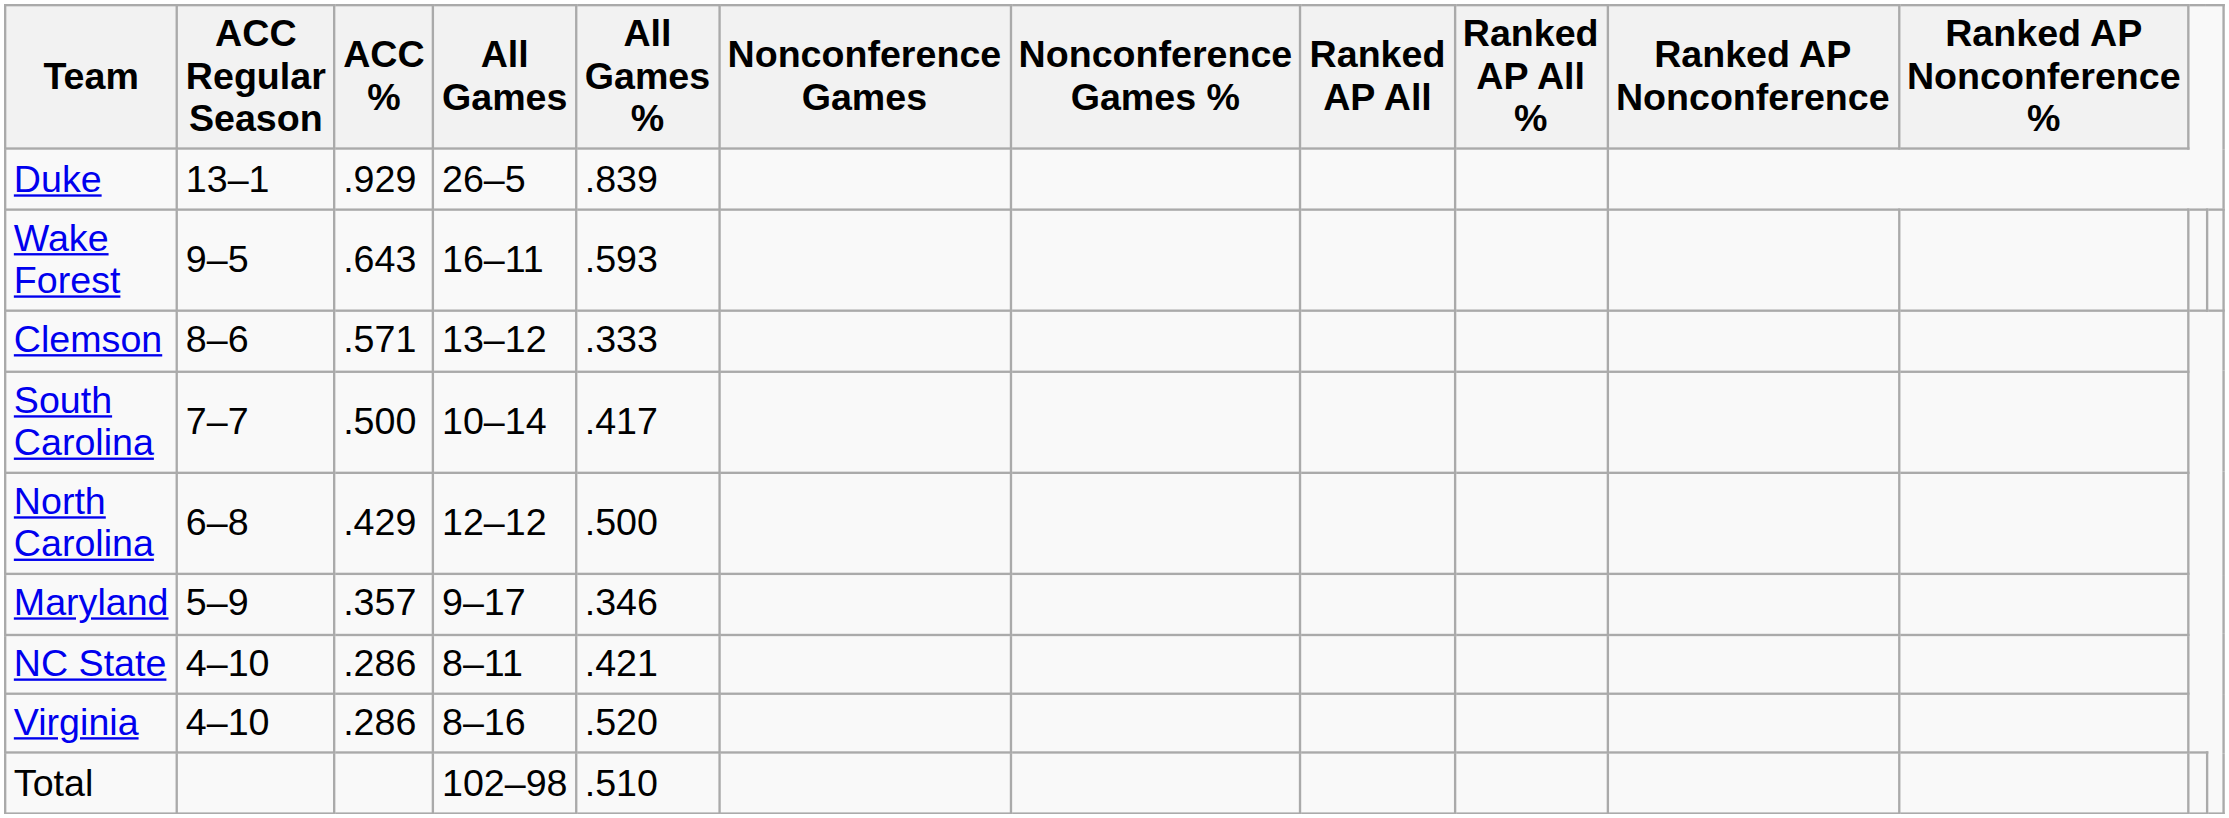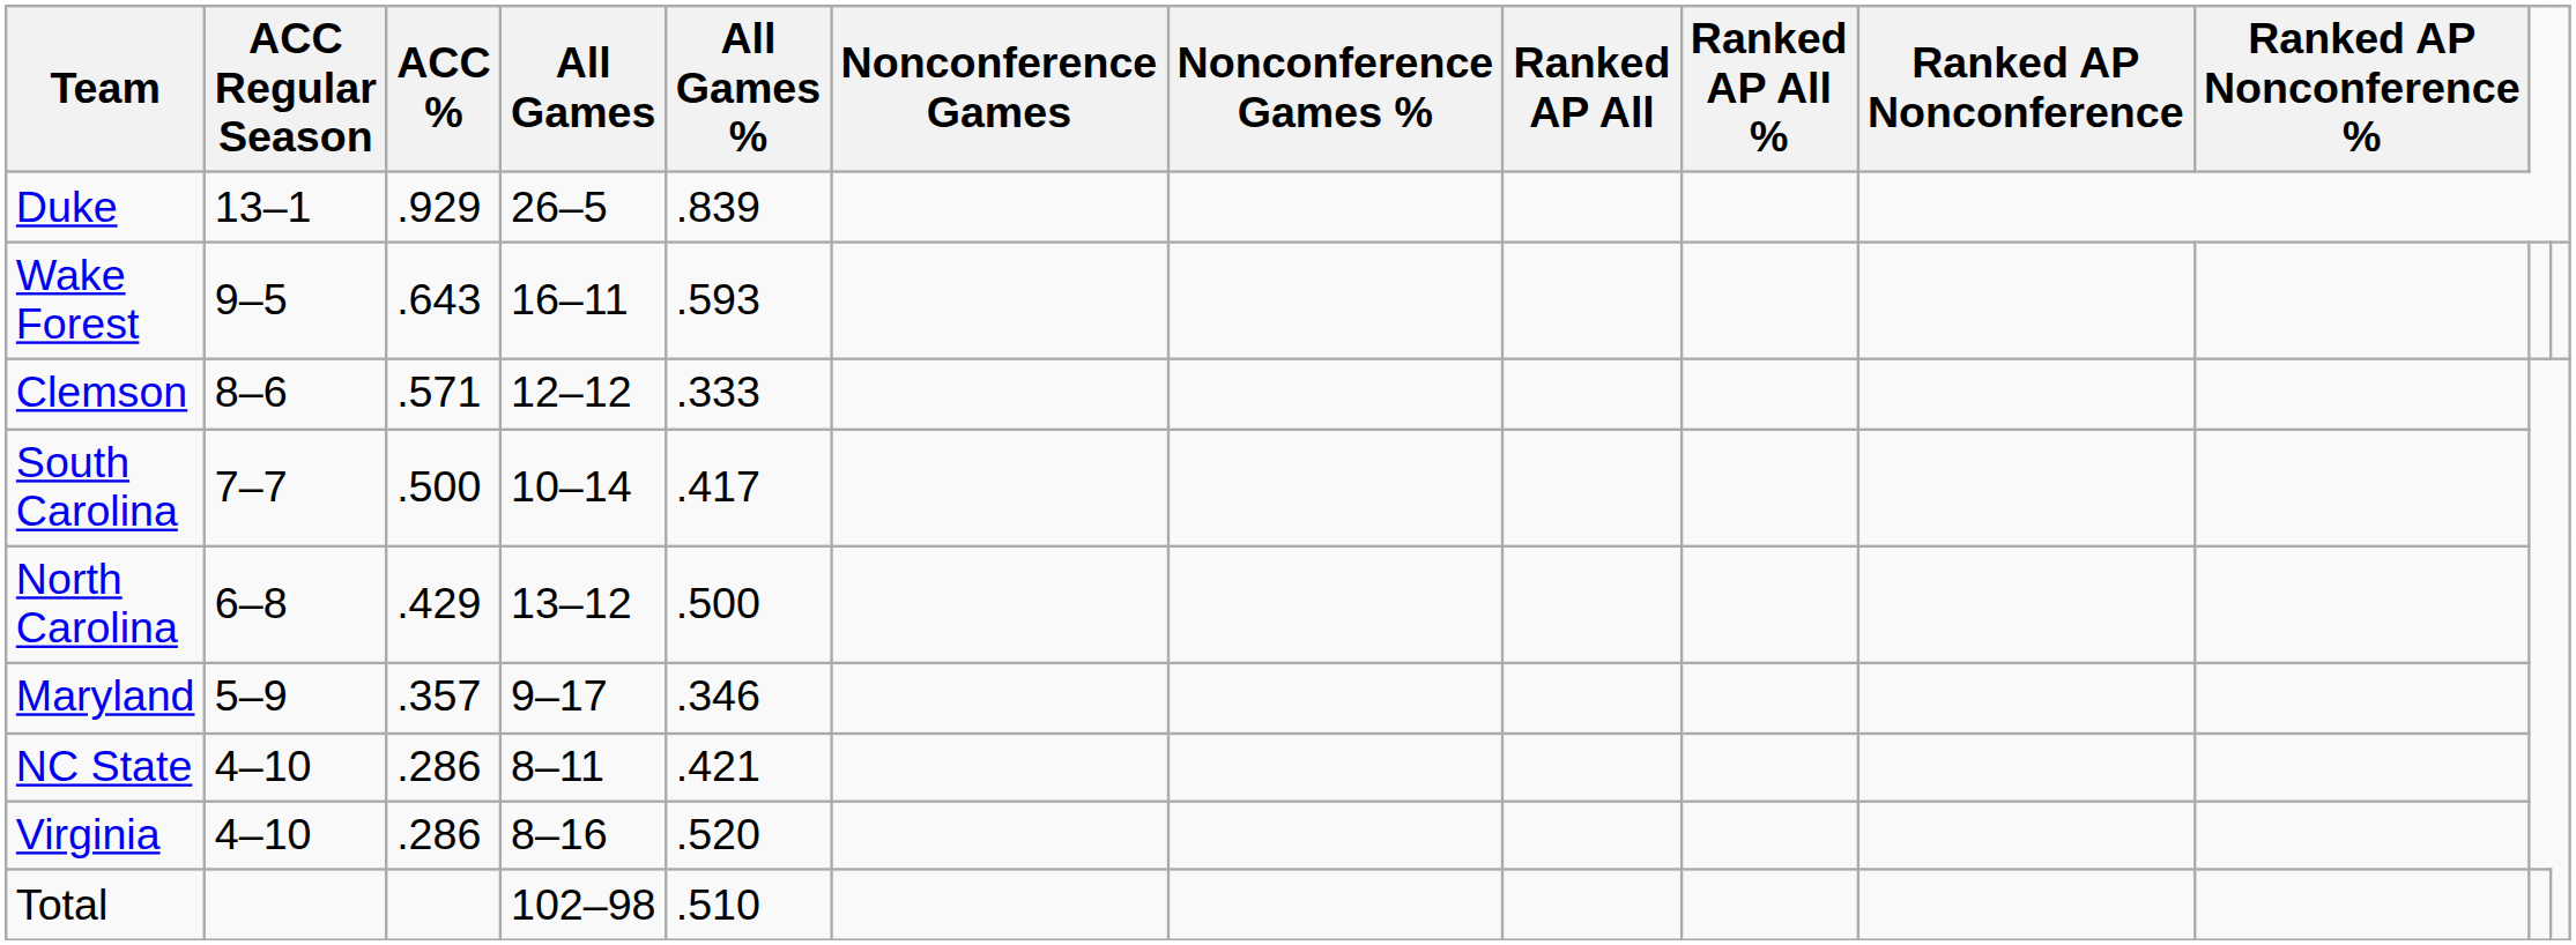 <table class="wikitable">
 <tr>
 <th>Team</th>
 <th>ACC Regular Season</th>
 <th>ACC %</th>
 <th>All Games</th>
 <th>All Games %</th>
 <th>Nonconference Games</th>
 <th>Nonconference Games %</th>
 <th>Ranked AP All</th>
 <th>Ranked AP All %</th>
 <th>Ranked AP Nonconference</th>
 <th>Ranked AP Nonconference %</th>
 </tr>
 <tr>
 <td><a href='#'>Duke</a></td>
 <td>13–1</td>
 <td>.929</td>
 <td>26–5</td>
 <td>.839</td>
 <td></td>
 <td></td>
 <td></td>
 <td></td>
 </tr>
 <tr>
 <td><a href='#'>Wake Forest</a></td>
 <td>9–5</td>
 <td>.643</td>
 <td>16–11</td>
 <td>.593</td>
 <td></td>
 <td></td>
 <td></td>
 <td></td>
 <td></td>
 <td></td>
 <td></td>
 <td></td>
 </tr>
 <tr>
 <td><a href='#'>Clemson</a></td>
 <td>8–6</td>
 <td>.571</td>
-<td>13–12</td>
+<td>12–12</td>
 <td>.333</td>
 <td></td>
 <td></td>
 <td></td>
 <td></td>
 <td></td>
 <td></td>
 </tr>
 <tr>
 <td><a href='#'>South Carolina</a></td>
 <td>7–7</td>
 <td>.500</td>
 <td>10–14</td>
 <td>.417</td>
 <td></td>
 <td></td>
 <td></td>
 <td></td>
 <td></td>
 <td></td>
 </tr>
 <tr>
 <td><a href='#'>North Carolina</a></td>
 <td>6–8</td>
 <td>.429</td>
-<td>12–12</td>
+<td>13–12</td>
 <td>.500</td>
 <td></td>
 <td></td>
 <td></td>
 <td></td>
 <td></td>
 <td></td>
 </tr>
 <tr>
 <td><a href='#'>Maryland</a></td>
 <td>5–9</td>
 <td>.357</td>
 <td>9–17</td>
 <td>.346</td>
 <td></td>
 <td></td>
 <td></td>
 <td></td>
 <td></td>
 <td></td>
 </tr>
 <tr>
 <td><a href='#'>NC State</a></td>
 <td>4–10</td>
 <td>.286</td>
 <td>8–11</td>
 <td>.421</td>
 <td></td>
 <td></td>
 <td></td>
 <td></td>
 <td></td>
 <td></td>
 </tr>
 <tr>
 <td><a href='#'>Virginia</a></td>
 <td>4–10</td>
 <td>.286</td>
 <td>8–16</td>
 <td>.520</td>
 <td></td>
 <td></td>
 <td></td>
 <td></td>
 <td></td>
 <td></td>
 </tr>
 <tr>
 <td>Total</td>
 <td></td>
 <td></td>
 <td>102–98</td>
 <td>.510</td>
 <td></td>
 <td></td>
 <td></td>
 <td></td>
 <td></td>
 <td></td>
 <td></td>
 </tr>
 </table>
